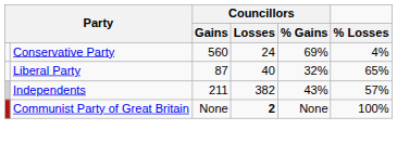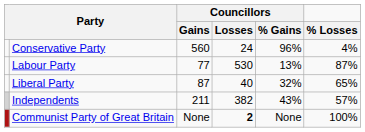 <table class="wikitable" border="1">
 <tr border="1" cellspacing="0" cellpadding="5">
 <th colspan="2" rowspan="2" align="center">Party</th>
 <th colspan="3" valign="top">Councillors</th>
 </tr>
 <tr>
 <th valign="top">Gains</th>
 <th valign="top">Losses</th>
 <th valign="top">% Gains</th>
 <th valign="top">% Losses</th>
 </tr>
 <tr>
 <td style="color:inherit;background:"></td>
 <td><a href='#'>Conservative Party</a></td>
 <td align="right">560</td>
 <td align="right">24</td>
-<td align="right">69%</td>
+<td align="right">96%</td>
 <td align="right">4%</td>
+</tr>
+<tr>
+<td style="color:inherit;background:"></td>
+<td><a href='#'>Labour Party</a></td>
+<td align="right">77</td>
+<td align="right">530</td>
+<td align="right">13%</td>
+<td align="right">87%</td>
 </tr>
 <tr>
 <td style="color:inherit;background:"></td>
 <td><a href='#'>Liberal Party</a></td>
 <td align="right">87</td>
 <td align="right">40</td>
 <td align="right">32%</td>
 <td align="right">65%</td>
 </tr>
 <tr>
 <td style="color:inherit;background:#d3d3d3"></td>
 <td><a href='#'>Independents</a></td>
 <td align="right">211</td>
 <td align="right">382</td>
 <td align="right">43%</td>
 <td align="right">57%</td>
 </tr>
 <tr>
 <td style="color:inherit;background:#af1213"></td>
 <td><a href='#'>Communist Party of Great Britain</a></td>
 <td align="right">None</td>
 <td align="right"><strong>2</strong></td>
 <td align="right">None</td>
 <td align="right">100%</td>
 </tr>
 </table>
